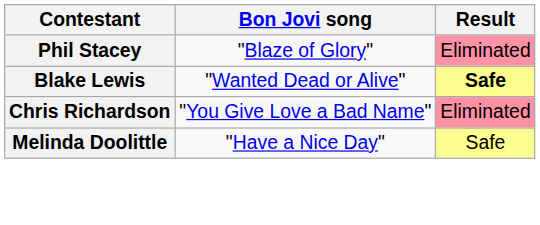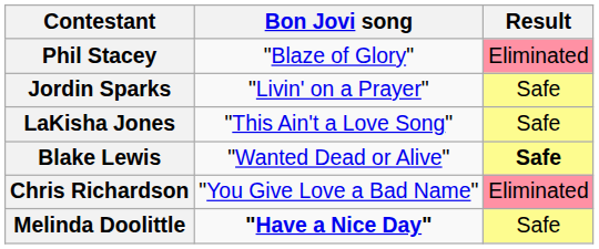 <table class="wikitable unsortable" style="text-align:center;">
 <tr>
 <th scope="col">Contestant</th>
 <th scope="col"><a href='#'>Bon Jovi</a> song</th>
 <th scope="col">Result</th>
 </tr>
 <tr>
 <th scope="row">Phil Stacey</th>
 <td>"<a href='#'>Blaze of Glory</a>"</td>
 <td bgcolor="FF91A4">Eliminated</td>
+</tr>
+<tr>
+<th scope="row">Jordin Sparks</th>
+<td>"<a href='#'>Livin' on a Prayer</a>"</td>
+<td style="background:#FDFC8F">Safe</td>
+</tr>
+<tr>
+<th scope="row">LaKisha Jones</th>
+<td>"<a href='#'>This Ain't a Love Song</a>"</td>
+<td style="background:#FDFC8F">Safe</td>
 </tr>
 <tr>
 <th scope="row">Blake Lewis</th>
 <td>"<a href='#'>Wanted Dead or Alive</a>"</td>
 <td style="background:#FDFC8F"><strong>Safe</strong></td>
 </tr>
 <tr>
 <th scope="row">Chris Richardson</th>
 <td>"<a href='#'>You Give Love a Bad Name</a>"</td>
 <td bgcolor="FF91A4">Eliminated</td>
 </tr>
 <tr>
 <th scope="row">Melinda Doolittle</th>
-<td>"<a href='#'>Have a Nice Day</a>"</td>
+<td><strong>"<a href='#'>Have a Nice Day</a>"</strong></td>
 <td style="background:#FDFC8F">Safe</td>
 </tr>
 </table>
